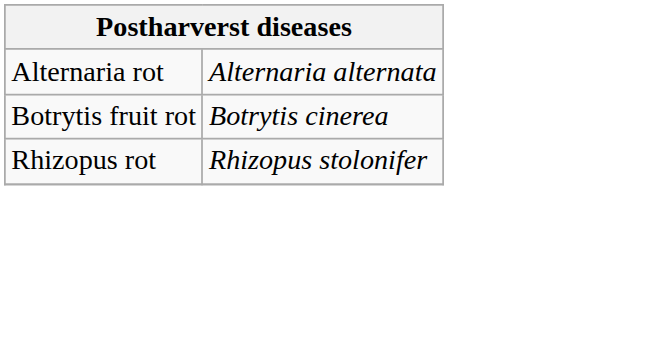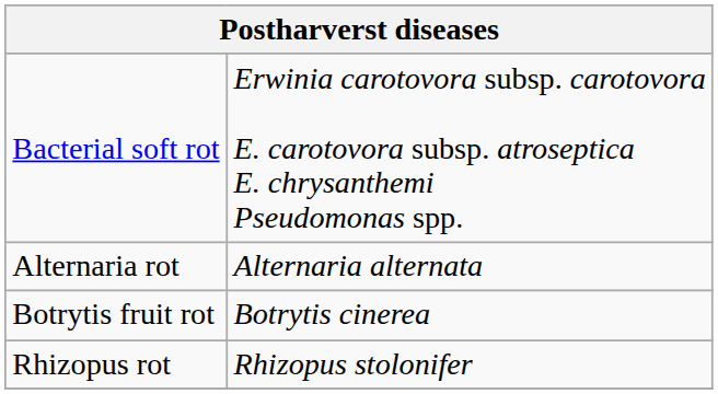 <table class="wikitable" style="clear">
 <tr>
 <th colspan=2><strong>Postharverst diseases</strong><br></th>
+</tr>
+<tr>
+<td><a href='#'>Bacterial soft rot</a></td>
+<td><em>Erwinia carotovora</em> subsp. <em>carotovora</em><br><br><em>E. carotovora</em> subsp. <em>atroseptica</em><br> <em>E. chrysanthemi</em><br> <em>Pseudomonas</em> spp.</td>
 </tr>
 <tr>
 <td>Alternaria rot</td>
 <td><em>Alternaria alternata</em></td>
 </tr>
 <tr>
 <td>Botrytis fruit rot</td>
 <td><em>Botrytis cinerea</em></td>
 </tr>
 <tr>
 <td>Rhizopus rot</td>
 <td><em>Rhizopus stolonifer</em></td>
 </tr>
 <tr>
 </tr>
 </table>
